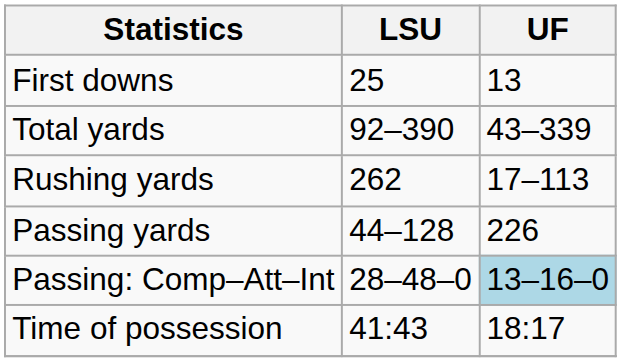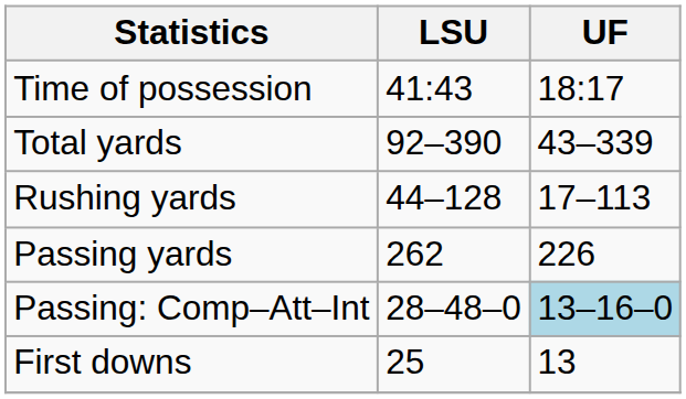 <table class="wikitable" style="float: left;">
 <tr>
 <th>Statistics</th>
 <th>LSU</th>
 <th>UF</th>
 </tr>
 <tr>
-<td>First downs</td>
-<td>25</td>
-<td>13</td>
+<td>Time of possession</td>
+<td>41:43</td>
+<td>18:17</td>
 </tr>
 <tr>
 <td>Total yards</td>
 <td>92–390</td>
 <td>43–339</td>
 </tr>
 <tr>
 <td>Rushing yards</td>
-<td>262</td>
+<td>44–128</td>
 <td>17–113</td>
 </tr>
 <tr>
 <td>Passing yards</td>
-<td>44–128</td>
+<td>262</td>
 <td>226</td>
 </tr>
 <tr>
 <td>Passing: Comp–Att–Int</td>
 <td>28–48–0</td>
 <td style="background: lightblue;">13–16–0</td>
 </tr>
 <tr>
-<td>Time of possession</td>
-<td>41:43</td>
-<td>18:17</td>
+<td>First downs</td>
+<td>25</td>
+<td>13</td>
 </tr>
 <tr>
 </tr>
 </table>
